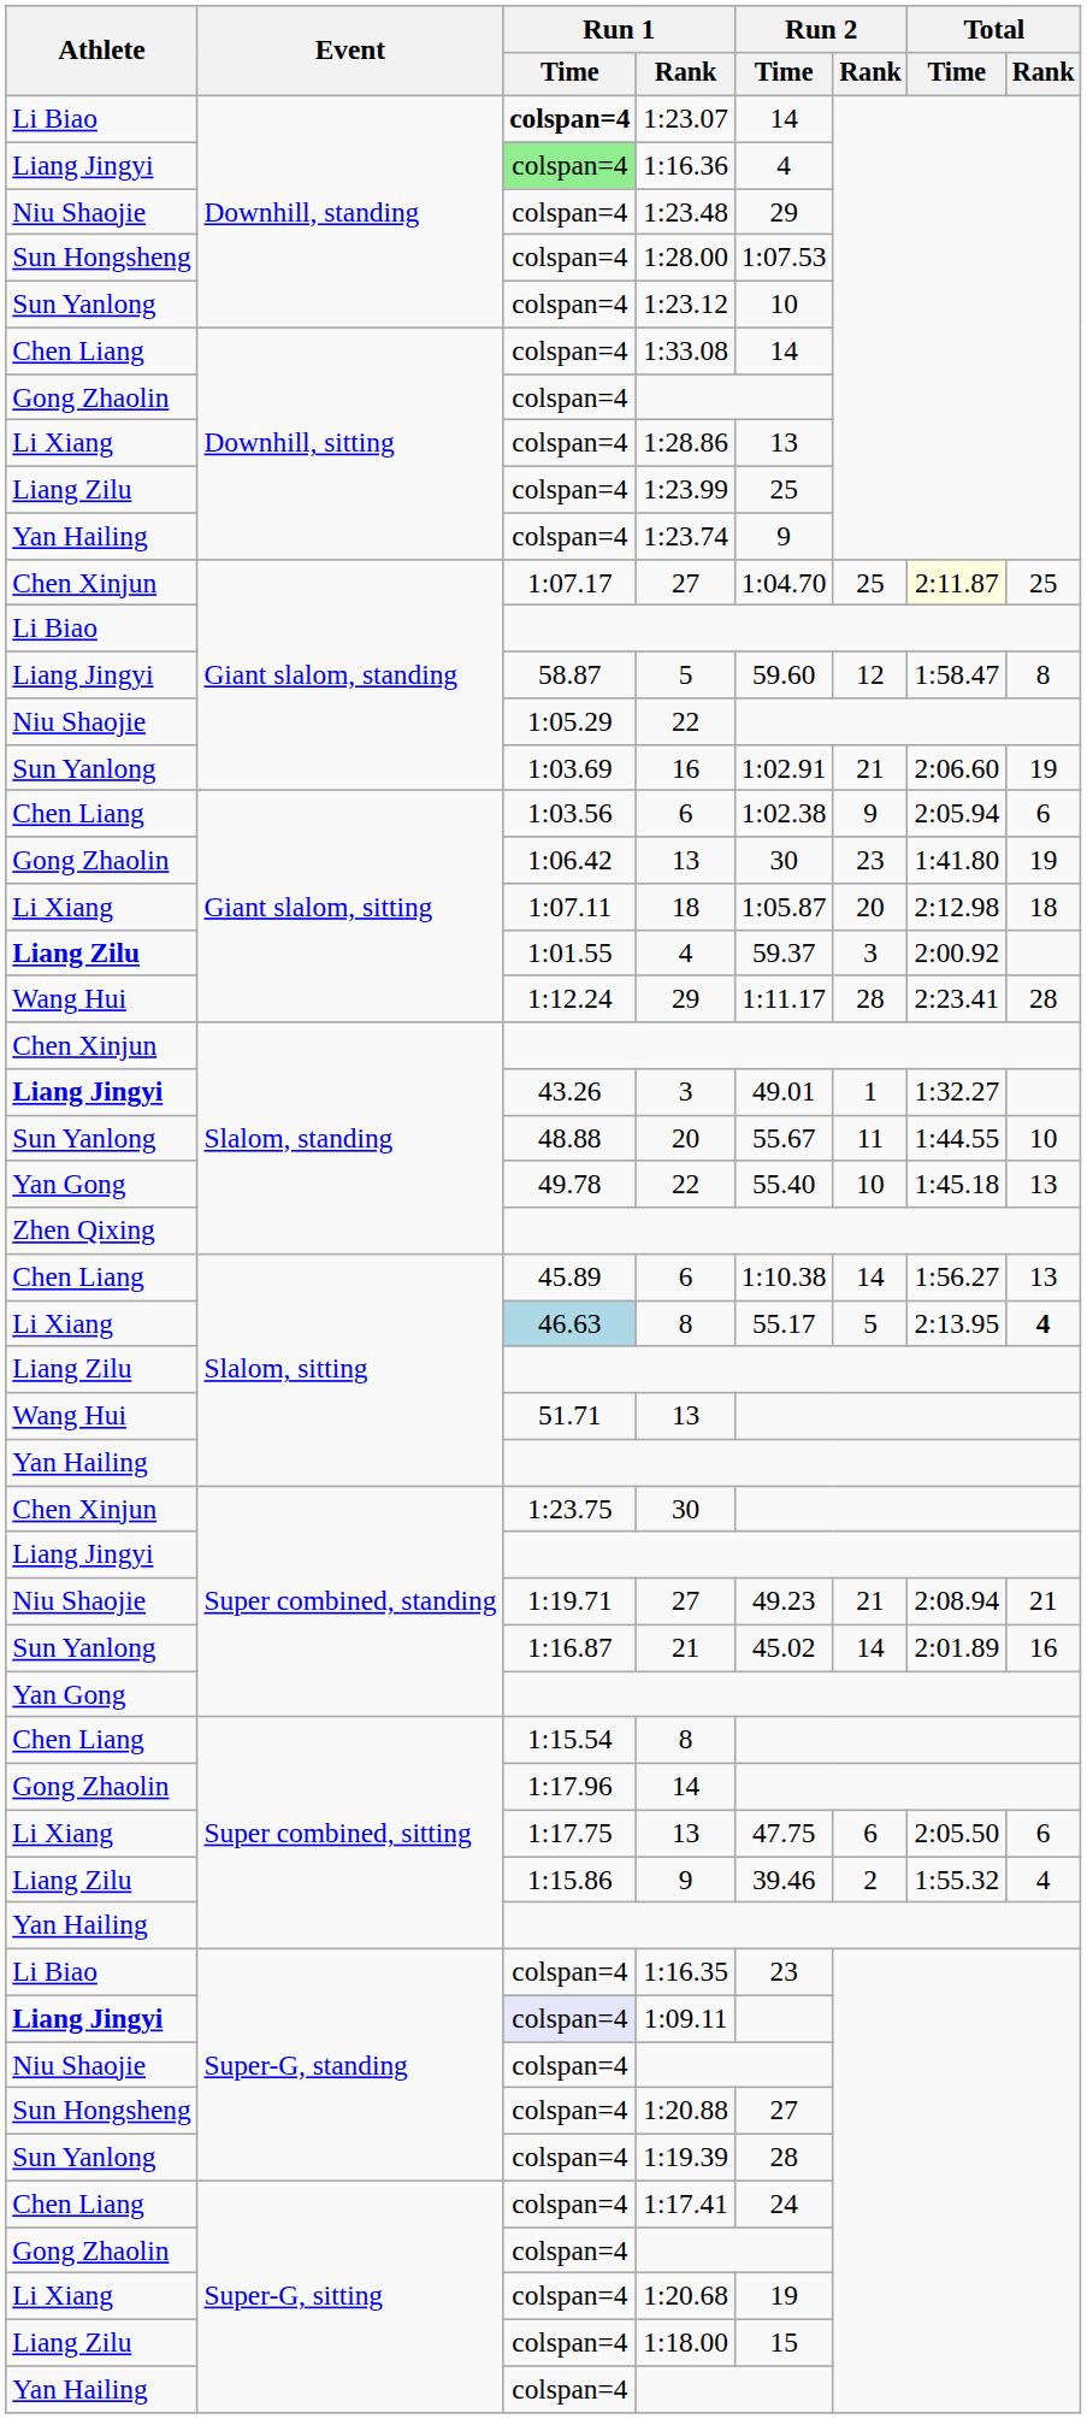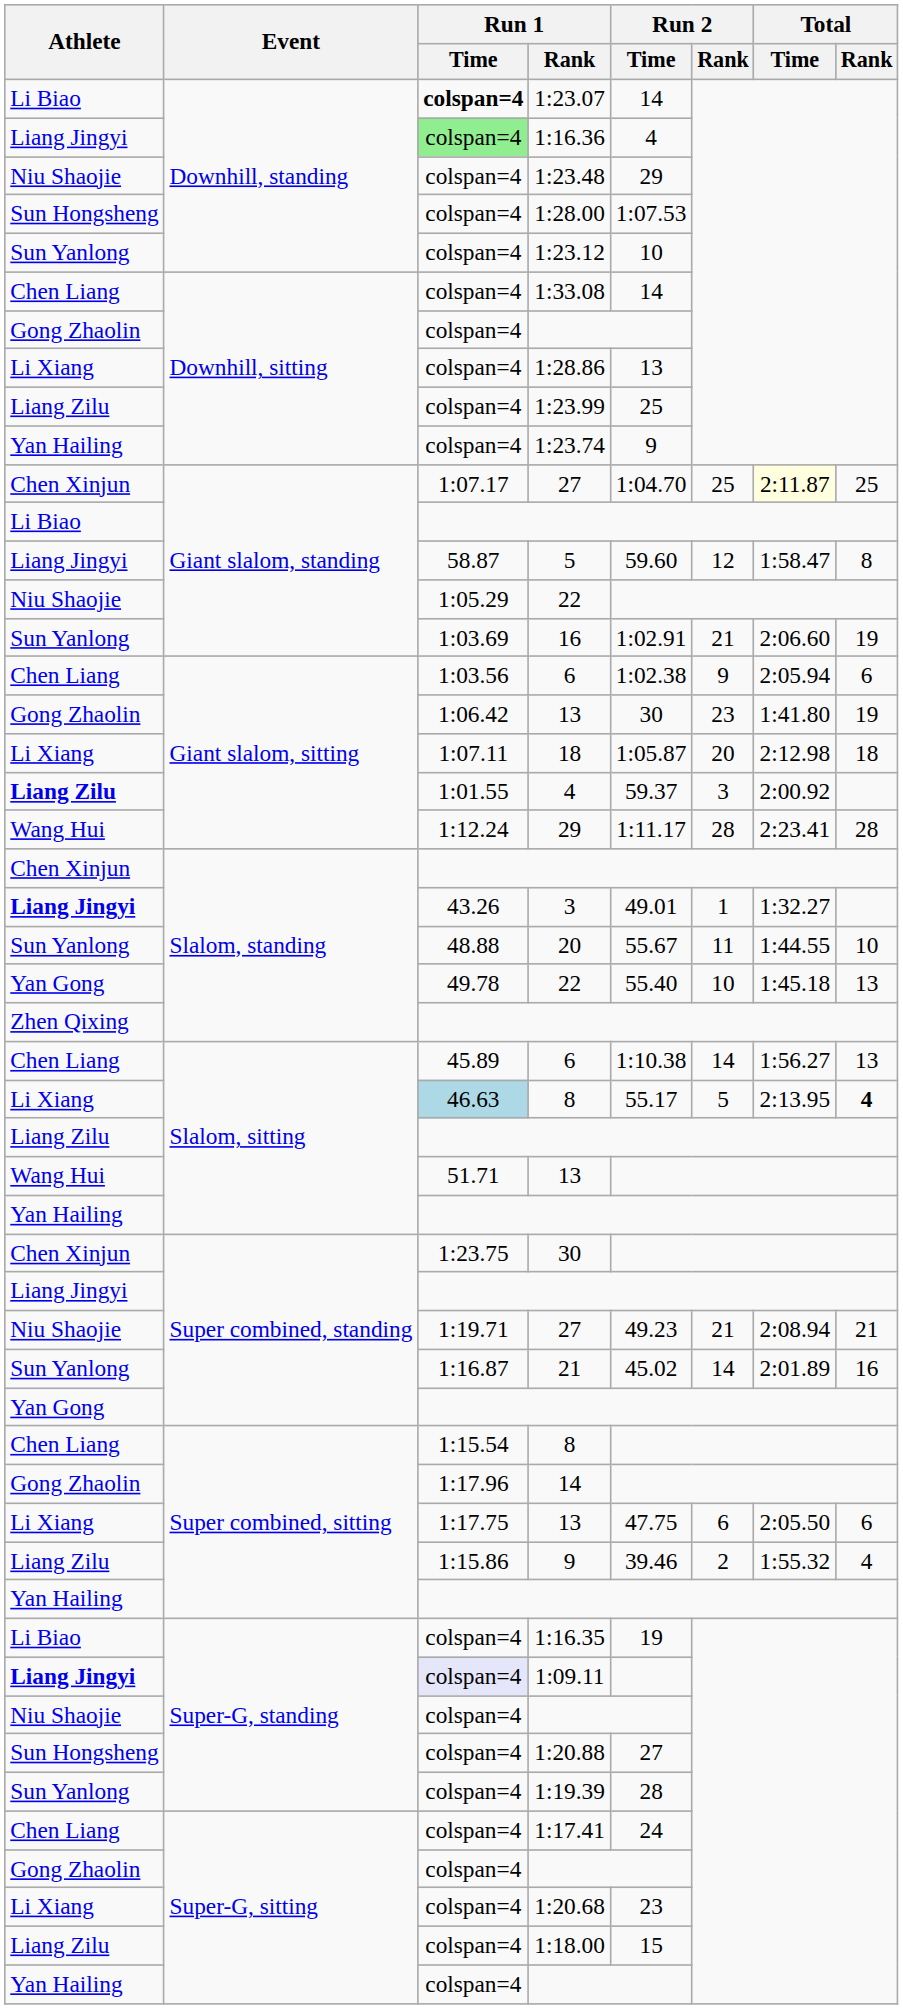 <table class="wikitable" style="font-size:90%">
 <tr>
 <th rowspan=2>Athlete</th>
 <th rowspan=2>Event</th>
 <th colspan=2>Run 1</th>
 <th colspan=2>Run 2</th>
 <th colspan=2>Total</th>
 </tr>
 <tr style="font-size:95%">
 <th>Time</th>
 <th>Rank</th>
 <th>Time</th>
 <th>Rank</th>
 <th>Time</th>
 <th>Rank</th>
 </tr>
 <tr align=center>
 <td align=left><a href='#'>Li Biao</a></td>
 <td align=left rowspan=5><a href='#'>Downhill, standing</a></td>
 <td><strong>colspan=4 </strong></td>
 <td>1:23.07</td>
 <td>14</td>
 </tr>
 <tr align=center>
 <td align=left><a href='#'>Liang Jingyi</a></td>
 <td style="background: lightgreen;">colspan=4 </td>
 <td>1:16.36</td>
 <td>4</td>
 </tr>
 <tr align=center>
 <td align=left><a href='#'>Niu Shaojie</a></td>
 <td>colspan=4 </td>
 <td>1:23.48</td>
 <td>29</td>
 </tr>
 <tr align=center>
 <td align=left><a href='#'>Sun Hongsheng</a></td>
 <td>colspan=4 </td>
 <td>1:28.00</td>
 <td>1:07.53</td>
 </tr>
 <tr align=center>
 <td align=left><a href='#'>Sun Yanlong</a></td>
 <td>colspan=4 </td>
 <td>1:23.12</td>
 <td>10</td>
 </tr>
 <tr align=center>
 <td align=left><a href='#'>Chen Liang</a></td>
 <td align=left rowspan=5><a href='#'>Downhill, sitting</a></td>
 <td>colspan=4 </td>
 <td>1:33.08</td>
 <td>14</td>
 </tr>
 <tr align=center>
 <td align=left><a href='#'>Gong Zhaolin</a></td>
 <td>colspan=4 </td>
 <td colspan=2></td>
 </tr>
 <tr align=center>
 <td align=left><a href='#'>Li Xiang</a></td>
 <td>colspan=4 </td>
 <td>1:28.86</td>
 <td>13</td>
 </tr>
 <tr align=center>
 <td align=left><a href='#'>Liang Zilu</a></td>
 <td>colspan=4 </td>
 <td>1:23.99</td>
 <td>25</td>
 </tr>
 <tr align=center>
 <td align=left><a href='#'>Yan Hailing</a></td>
 <td>colspan=4 </td>
 <td>1:23.74</td>
 <td>9</td>
 </tr>
 <tr align=center>
 <td align=left><a href='#'>Chen Xinjun</a></td>
 <td align=left rowspan=5><a href='#'>Giant slalom, standing</a></td>
 <td>1:07.17</td>
 <td>27</td>
 <td>1:04.70</td>
 <td>25</td>
 <td style="background: lightyellow;">2:11.87</td>
 <td>25</td>
 </tr>
 <tr align=center>
 <td align=left><a href='#'>Li Biao</a></td>
 <td colspan=6></td>
 </tr>
 <tr align=center>
 <td align=left><a href='#'>Liang Jingyi</a></td>
 <td>58.87</td>
 <td>5</td>
 <td>59.60</td>
 <td>12</td>
 <td>1:58.47</td>
 <td>8</td>
 </tr>
 <tr align=center>
 <td align=left><a href='#'>Niu Shaojie</a></td>
 <td>1:05.29</td>
 <td>22</td>
 <td colspan=4></td>
 </tr>
 <tr align=center>
 <td align=left><a href='#'>Sun Yanlong</a></td>
 <td>1:03.69</td>
 <td>16</td>
 <td>1:02.91</td>
 <td>21</td>
 <td>2:06.60</td>
 <td>19</td>
 </tr>
 <tr align=center>
 <td align=left><a href='#'>Chen Liang</a></td>
 <td align=left rowspan=5><a href='#'>Giant slalom, sitting</a></td>
 <td>1:03.56</td>
 <td>6</td>
 <td>1:02.38</td>
 <td>9</td>
 <td>2:05.94</td>
 <td>6</td>
 </tr>
 <tr align=center>
 <td align=left><a href='#'>Gong Zhaolin</a></td>
 <td>1:06.42</td>
 <td>13</td>
 <td>30</td>
 <td>23</td>
 <td>1:41.80</td>
 <td>19</td>
 </tr>
 <tr align=center>
 <td align=left><a href='#'>Li Xiang</a></td>
 <td>1:07.11</td>
 <td>18</td>
 <td>1:05.87</td>
 <td>20</td>
 <td>2:12.98</td>
 <td>18</td>
 </tr>
 <tr align=center>
 <td align=left><strong><a href='#'>Liang Zilu</a></strong></td>
 <td>1:01.55</td>
 <td>4</td>
 <td>59.37</td>
 <td>3</td>
 <td>2:00.92</td>
 <td></td>
 </tr>
 <tr align=center>
 <td align=left><a href='#'>Wang Hui</a></td>
 <td>1:12.24</td>
 <td>29</td>
 <td>1:11.17</td>
 <td>28</td>
 <td>2:23.41</td>
 <td>28</td>
 </tr>
 <tr align=center>
 <td align=left><a href='#'>Chen Xinjun</a></td>
 <td align=left rowspan=5><a href='#'>Slalom, standing</a></td>
 <td colspan=6></td>
 </tr>
 <tr align=center>
 <td align=left><strong><a href='#'>Liang Jingyi</a></strong></td>
 <td>43.26</td>
 <td>3</td>
 <td>49.01</td>
 <td>1</td>
 <td>1:32.27</td>
 <td></td>
 </tr>
 <tr align=center>
 <td align=left><a href='#'>Sun Yanlong</a></td>
 <td>48.88</td>
 <td>20</td>
 <td>55.67</td>
 <td>11</td>
 <td>1:44.55</td>
 <td>10</td>
 </tr>
 <tr align=center>
 <td align=left><a href='#'>Yan Gong</a></td>
 <td>49.78</td>
 <td>22</td>
 <td>55.40</td>
 <td>10</td>
 <td>1:45.18</td>
 <td>13</td>
 </tr>
 <tr align=center>
 <td align=left><a href='#'>Zhen Qixing</a></td>
 <td colspan=6></td>
 </tr>
 <tr align=center>
 <td align=left><a href='#'>Chen Liang</a></td>
 <td align=left rowspan=5><a href='#'>Slalom, sitting</a></td>
 <td>45.89</td>
 <td>6</td>
 <td>1:10.38</td>
 <td>14</td>
 <td>1:56.27</td>
 <td>13</td>
 </tr>
 <tr align=center>
 <td align=left><a href='#'>Li Xiang</a></td>
 <td style="background: lightblue;">46.63</td>
 <td>8</td>
 <td>55.17</td>
 <td>5</td>
 <td>2:13.95</td>
 <td><strong>4</strong></td>
 </tr>
 <tr align=center>
 <td align=left><a href='#'>Liang Zilu</a></td>
 <td colspan=6></td>
 </tr>
 <tr align=center>
 <td align=left><a href='#'>Wang Hui</a></td>
 <td>51.71</td>
 <td>13</td>
 <td colspan=4></td>
 </tr>
 <tr align=center>
 <td align=left><a href='#'>Yan Hailing</a></td>
 <td colspan=6></td>
 </tr>
 <tr align=center>
 <td align=left><a href='#'>Chen Xinjun</a></td>
 <td align=left rowspan=5><a href='#'>Super combined, standing</a></td>
 <td>1:23.75</td>
 <td>30</td>
 <td colspan=4></td>
 </tr>
 <tr align=center>
 <td align=left><a href='#'>Liang Jingyi</a></td>
 <td colspan=6></td>
 </tr>
 <tr align=center>
 <td align=left><a href='#'>Niu Shaojie</a></td>
 <td>1:19.71</td>
 <td>27</td>
 <td>49.23</td>
 <td>21</td>
 <td>2:08.94</td>
 <td>21</td>
 </tr>
 <tr align=center>
 <td align=left><a href='#'>Sun Yanlong</a></td>
 <td>1:16.87</td>
 <td>21</td>
 <td>45.02</td>
 <td>14</td>
 <td>2:01.89</td>
 <td>16</td>
 </tr>
 <tr align=center>
 <td align=left><a href='#'>Yan Gong</a></td>
 <td colspan=6></td>
 </tr>
 <tr align=center>
 <td align=left><a href='#'>Chen Liang</a></td>
 <td align=left rowspan=5><a href='#'>Super combined, sitting</a></td>
 <td>1:15.54</td>
 <td>8</td>
 <td colspan=4></td>
 </tr>
 <tr align=center>
 <td align=left><a href='#'>Gong Zhaolin</a></td>
 <td>1:17.96</td>
 <td>14</td>
 <td colspan=4></td>
 </tr>
 <tr align=center>
 <td align=left><a href='#'>Li Xiang</a></td>
 <td>1:17.75</td>
 <td>13</td>
 <td>47.75</td>
 <td>6</td>
 <td>2:05.50</td>
 <td>6</td>
 </tr>
 <tr align=center>
 <td align=left><a href='#'>Liang Zilu</a></td>
 <td>1:15.86</td>
 <td>9</td>
 <td>39.46</td>
 <td>2</td>
 <td>1:55.32</td>
 <td>4</td>
 </tr>
 <tr align=center>
 <td align=left><a href='#'>Yan Hailing</a></td>
 <td colspan=6></td>
 </tr>
 <tr align=center>
 <td align=left><a href='#'>Li Biao</a></td>
 <td align=left rowspan=5><a href='#'>Super-G, standing</a></td>
 <td>colspan=4 </td>
 <td>1:16.35</td>
-<td>23</td>
+<td>19</td>
 </tr>
 <tr align=center>
 <td align=left><strong><a href='#'>Liang Jingyi</a></strong></td>
 <td style="background: lavender;">colspan=4 </td>
 <td>1:09.11</td>
 <td></td>
 </tr>
 <tr align=center>
 <td align=left><a href='#'>Niu Shaojie</a></td>
 <td>colspan=4 </td>
 <td colspan=2></td>
 </tr>
 <tr align=center>
 <td align=left><a href='#'>Sun Hongsheng</a></td>
 <td>colspan=4 </td>
 <td>1:20.88</td>
 <td>27</td>
 </tr>
 <tr align=center>
 <td align=left><a href='#'>Sun Yanlong</a></td>
 <td>colspan=4 </td>
 <td>1:19.39</td>
 <td>28</td>
 </tr>
 <tr align=center>
 <td align=left><a href='#'>Chen Liang</a></td>
 <td align=left rowspan=5><a href='#'>Super-G, sitting</a></td>
 <td>colspan=4 </td>
 <td>1:17.41</td>
 <td>24</td>
 </tr>
 <tr align=center>
 <td align=left><a href='#'>Gong Zhaolin</a></td>
 <td>colspan=4 </td>
 <td colspan=2></td>
 </tr>
 <tr align=center>
 <td align=left><a href='#'>Li Xiang</a></td>
 <td>colspan=4 </td>
 <td>1:20.68</td>
-<td>19</td>
+<td>23</td>
 </tr>
 <tr align=center>
 <td align=left><a href='#'>Liang Zilu</a></td>
 <td>colspan=4 </td>
 <td>1:18.00</td>
 <td>15</td>
 </tr>
 <tr align=center>
 <td align=left><a href='#'>Yan Hailing</a></td>
 <td>colspan=4 </td>
 <td colspan=2></td>
 </tr>
 </table>
